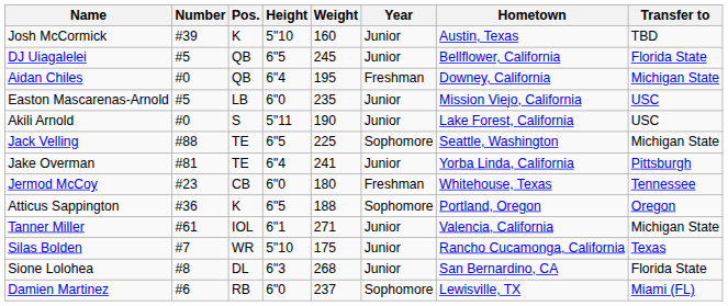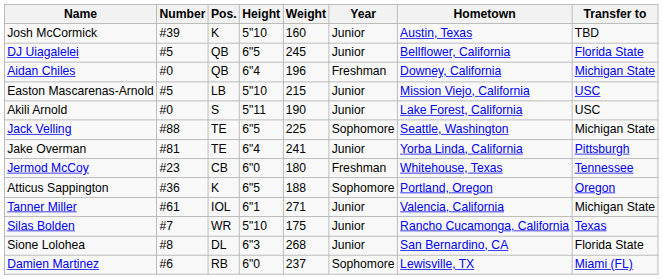 <table class="wikitable sortable">
 <tr>
 <th style="text-align:center; ">Name</th>
 <th style="text-align:center; ">Number</th>
 <th style="text-align:center; ">Pos.</th>
 <th style="text-align:center; ">Height</th>
 <th style="text-align:center; ">Weight</th>
 <th style="text-align:center; ">Year</th>
 <th style="text-align:center; ">Hometown</th>
 <th style="text-align:center; ">Transfer to</th>
 </tr>
 <tr>
 <td>Josh McCormick</td>
 <td>#39</td>
 <td>K</td>
 <td>5"10</td>
 <td>160</td>
 <td>Junior</td>
 <td><a href='#'>Austin, Texas</a></td>
 <td>TBD</td>
 </tr>
 <tr>
 <td><a href='#'>DJ Uiagalelei</a></td>
 <td>#5</td>
 <td>QB</td>
 <td>6"5</td>
 <td>245</td>
 <td>Junior</td>
 <td><a href='#'>Bellflower, California</a></td>
 <td><a href='#'>Florida State</a></td>
 </tr>
 <tr>
 <td><a href='#'>Aidan Chiles</a></td>
 <td>#0</td>
 <td>QB</td>
 <td>6"4</td>
-<td>195</td>
+<td>196</td>
 <td>Freshman</td>
 <td><a href='#'>Downey, California</a></td>
 <td><a href='#'>Michigan State</a></td>
 </tr>
 <tr>
 <td>Easton Mascarenas-Arnold</td>
 <td>#5</td>
 <td>LB</td>
-<td>6"0</td>
-<td>235</td>
+<td>5"10</td>
+<td>215</td>
 <td>Junior</td>
 <td><a href='#'>Mission Viejo, California</a></td>
 <td><a href='#'>USC</a></td>
 </tr>
 <tr>
 <td>Akili Arnold</td>
 <td>#0</td>
 <td>S</td>
 <td>5"11</td>
 <td>190</td>
 <td>Junior</td>
 <td><a href='#'>Lake Forest, California</a></td>
 <td>USC</td>
 </tr>
 <tr>
 <td><a href='#'>Jack Velling</a></td>
 <td>#88</td>
 <td>TE</td>
 <td>6"5</td>
 <td>225</td>
 <td>Sophomore</td>
 <td><a href='#'>Seattle, Washington</a></td>
 <td>Michigan State</td>
 </tr>
 <tr>
 <td>Jake Overman</td>
 <td>#81</td>
 <td>TE</td>
 <td>6"4</td>
 <td>241</td>
 <td>Junior</td>
 <td><a href='#'>Yorba Linda, California</a></td>
 <td><a href='#'>Pittsburgh</a></td>
 </tr>
 <tr>
 <td><a href='#'>Jermod McCoy</a></td>
 <td>#23</td>
 <td>CB</td>
 <td>6"0</td>
 <td>180</td>
 <td>Freshman</td>
 <td><a href='#'>Whitehouse, Texas</a></td>
 <td><a href='#'>Tennessee</a></td>
 </tr>
 <tr>
 <td>Atticus Sappington</td>
 <td>#36</td>
 <td>K</td>
 <td>6"5</td>
 <td>188</td>
 <td>Sophomore</td>
 <td><a href='#'>Portland, Oregon</a></td>
 <td><a href='#'>Oregon</a></td>
 </tr>
 <tr>
 <td><a href='#'>Tanner Miller</a></td>
 <td>#61</td>
 <td>IOL</td>
 <td>6"1</td>
 <td>271</td>
 <td>Junior</td>
 <td><a href='#'>Valencia, California</a></td>
 <td>Michigan State</td>
 </tr>
 <tr>
 <td><a href='#'>Silas Bolden</a></td>
 <td>#7</td>
 <td>WR</td>
 <td>5"10</td>
 <td>175</td>
 <td>Junior</td>
 <td><a href='#'>Rancho Cucamonga, California</a></td>
 <td><a href='#'>Texas</a></td>
 </tr>
 <tr>
 <td>Sione Lolohea</td>
 <td>#8</td>
 <td>DL</td>
 <td>6"3</td>
 <td>268</td>
 <td>Junior</td>
 <td><a href='#'>San Bernardino, CA</a></td>
 <td>Florida State</td>
 </tr>
 <tr>
 <td><a href='#'>Damien Martinez</a></td>
 <td>#6</td>
 <td>RB</td>
 <td>6"0</td>
 <td>237</td>
 <td>Sophomore</td>
 <td><a href='#'>Lewisville, TX</a></td>
 <td><a href='#'>Miami (FL)</a></td>
 </tr>
 </table>
